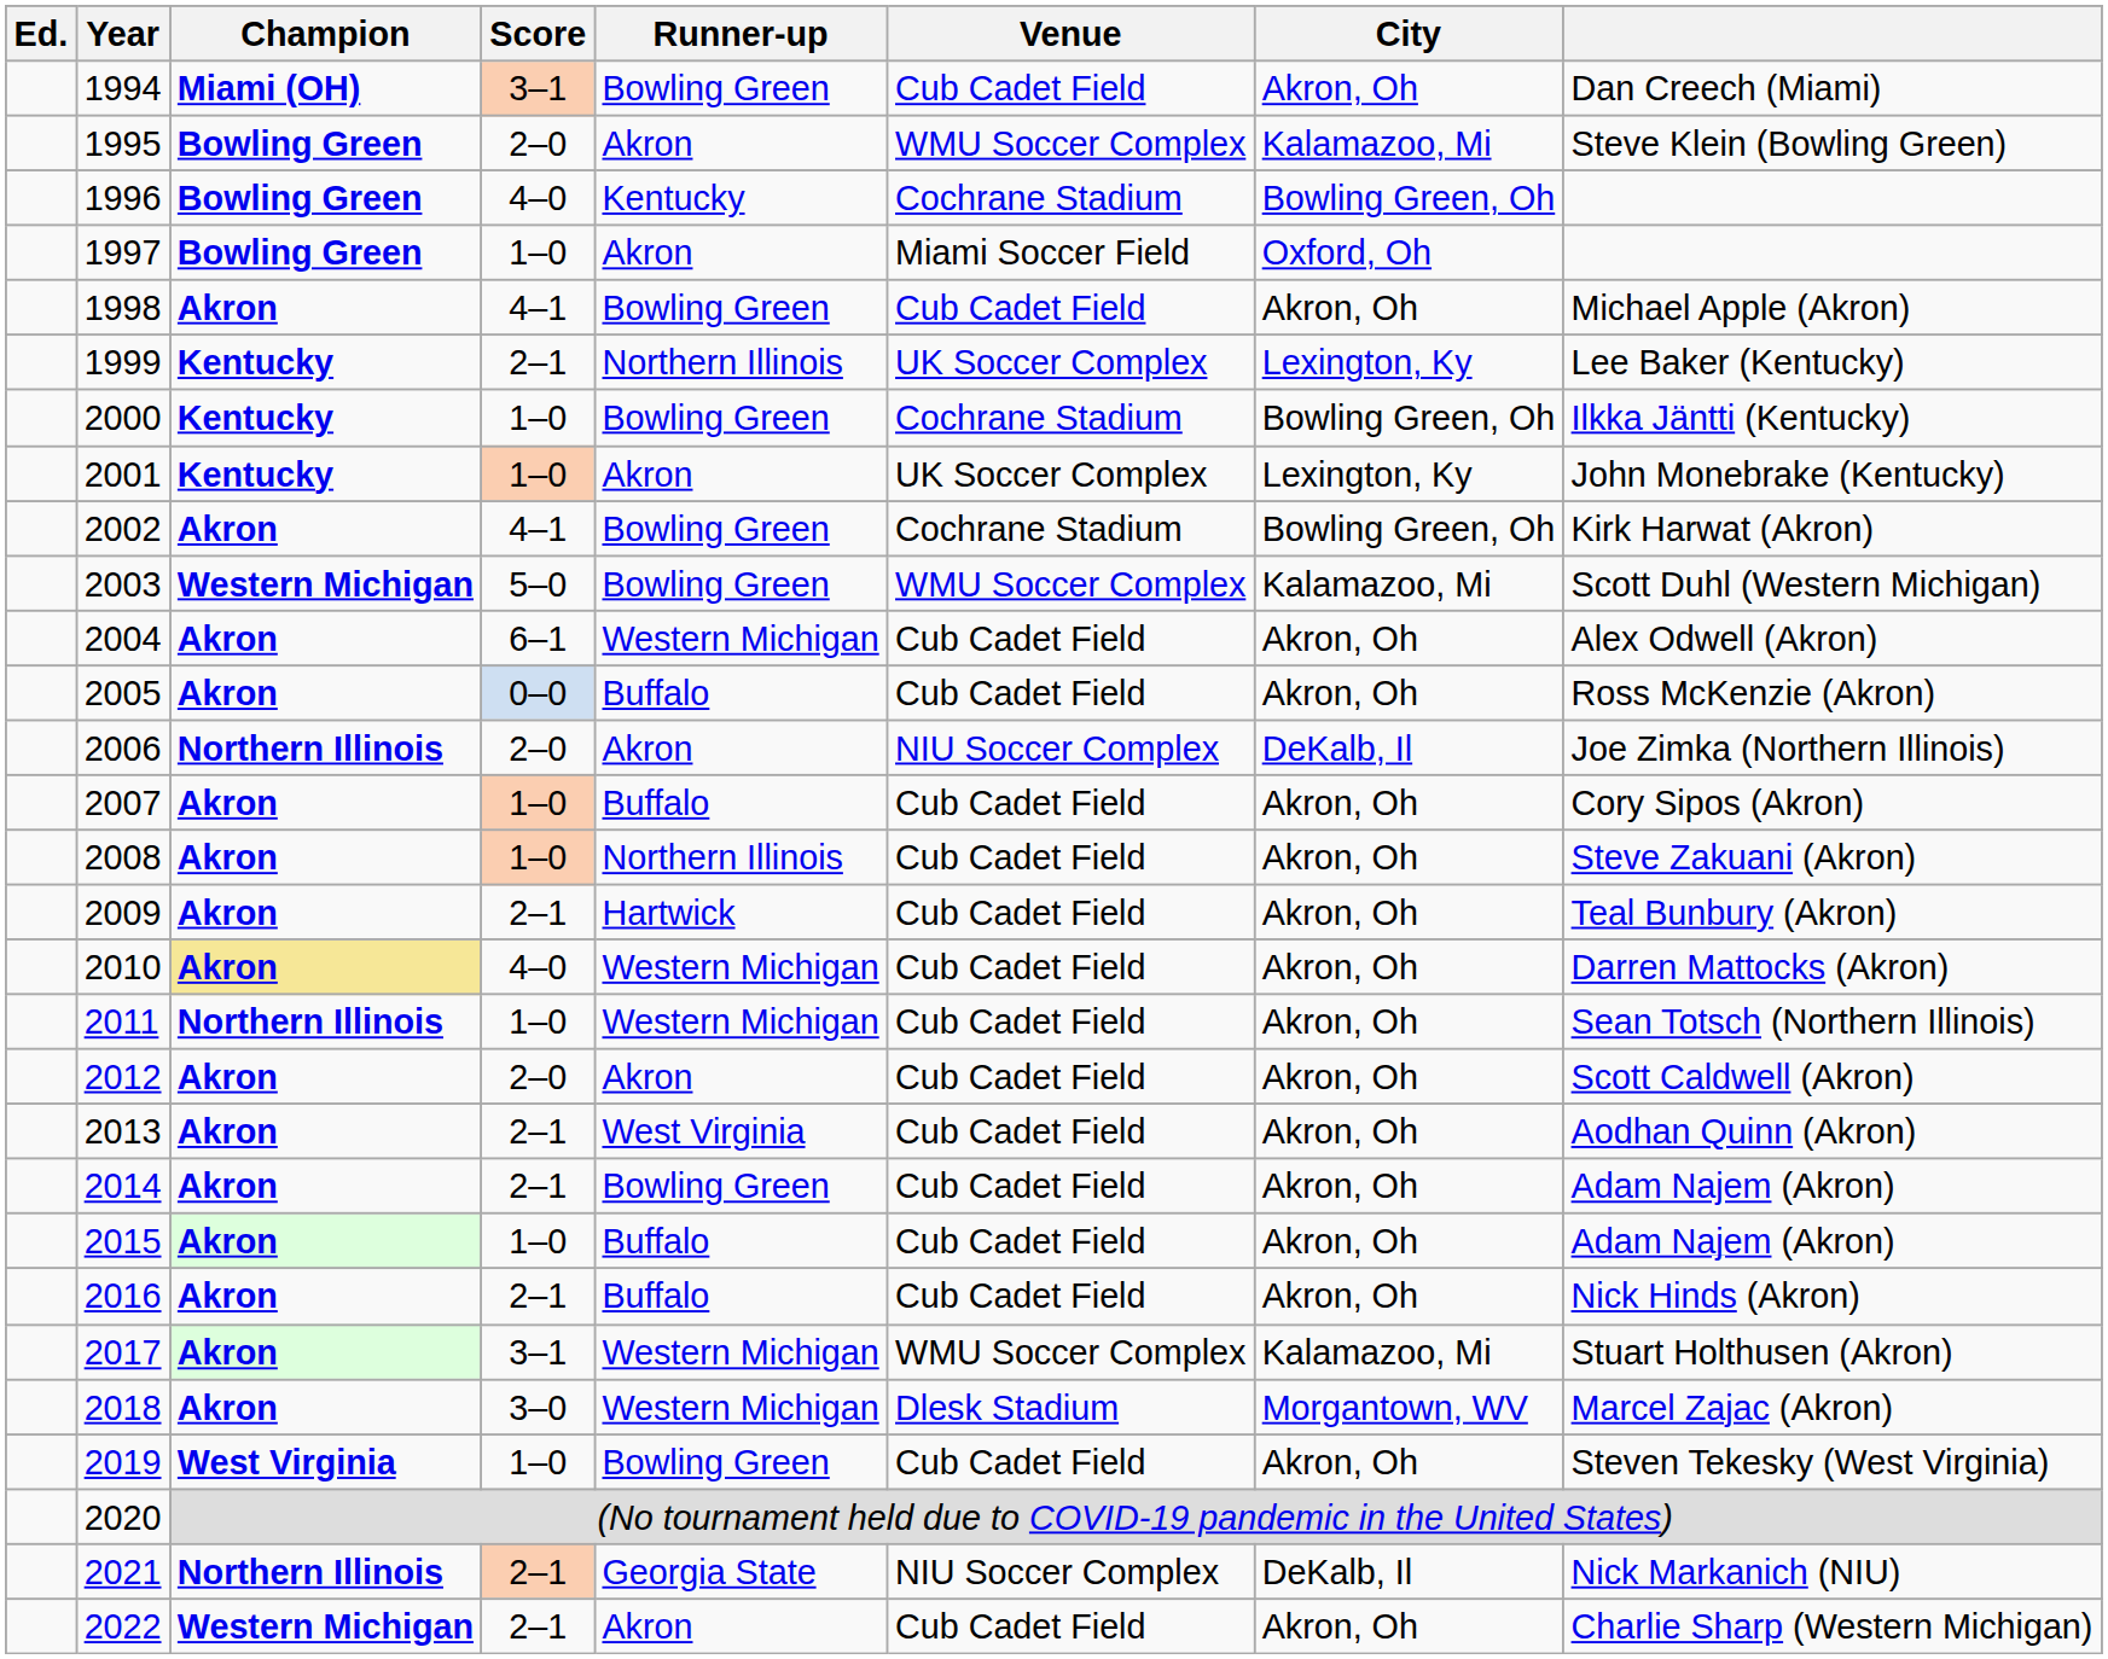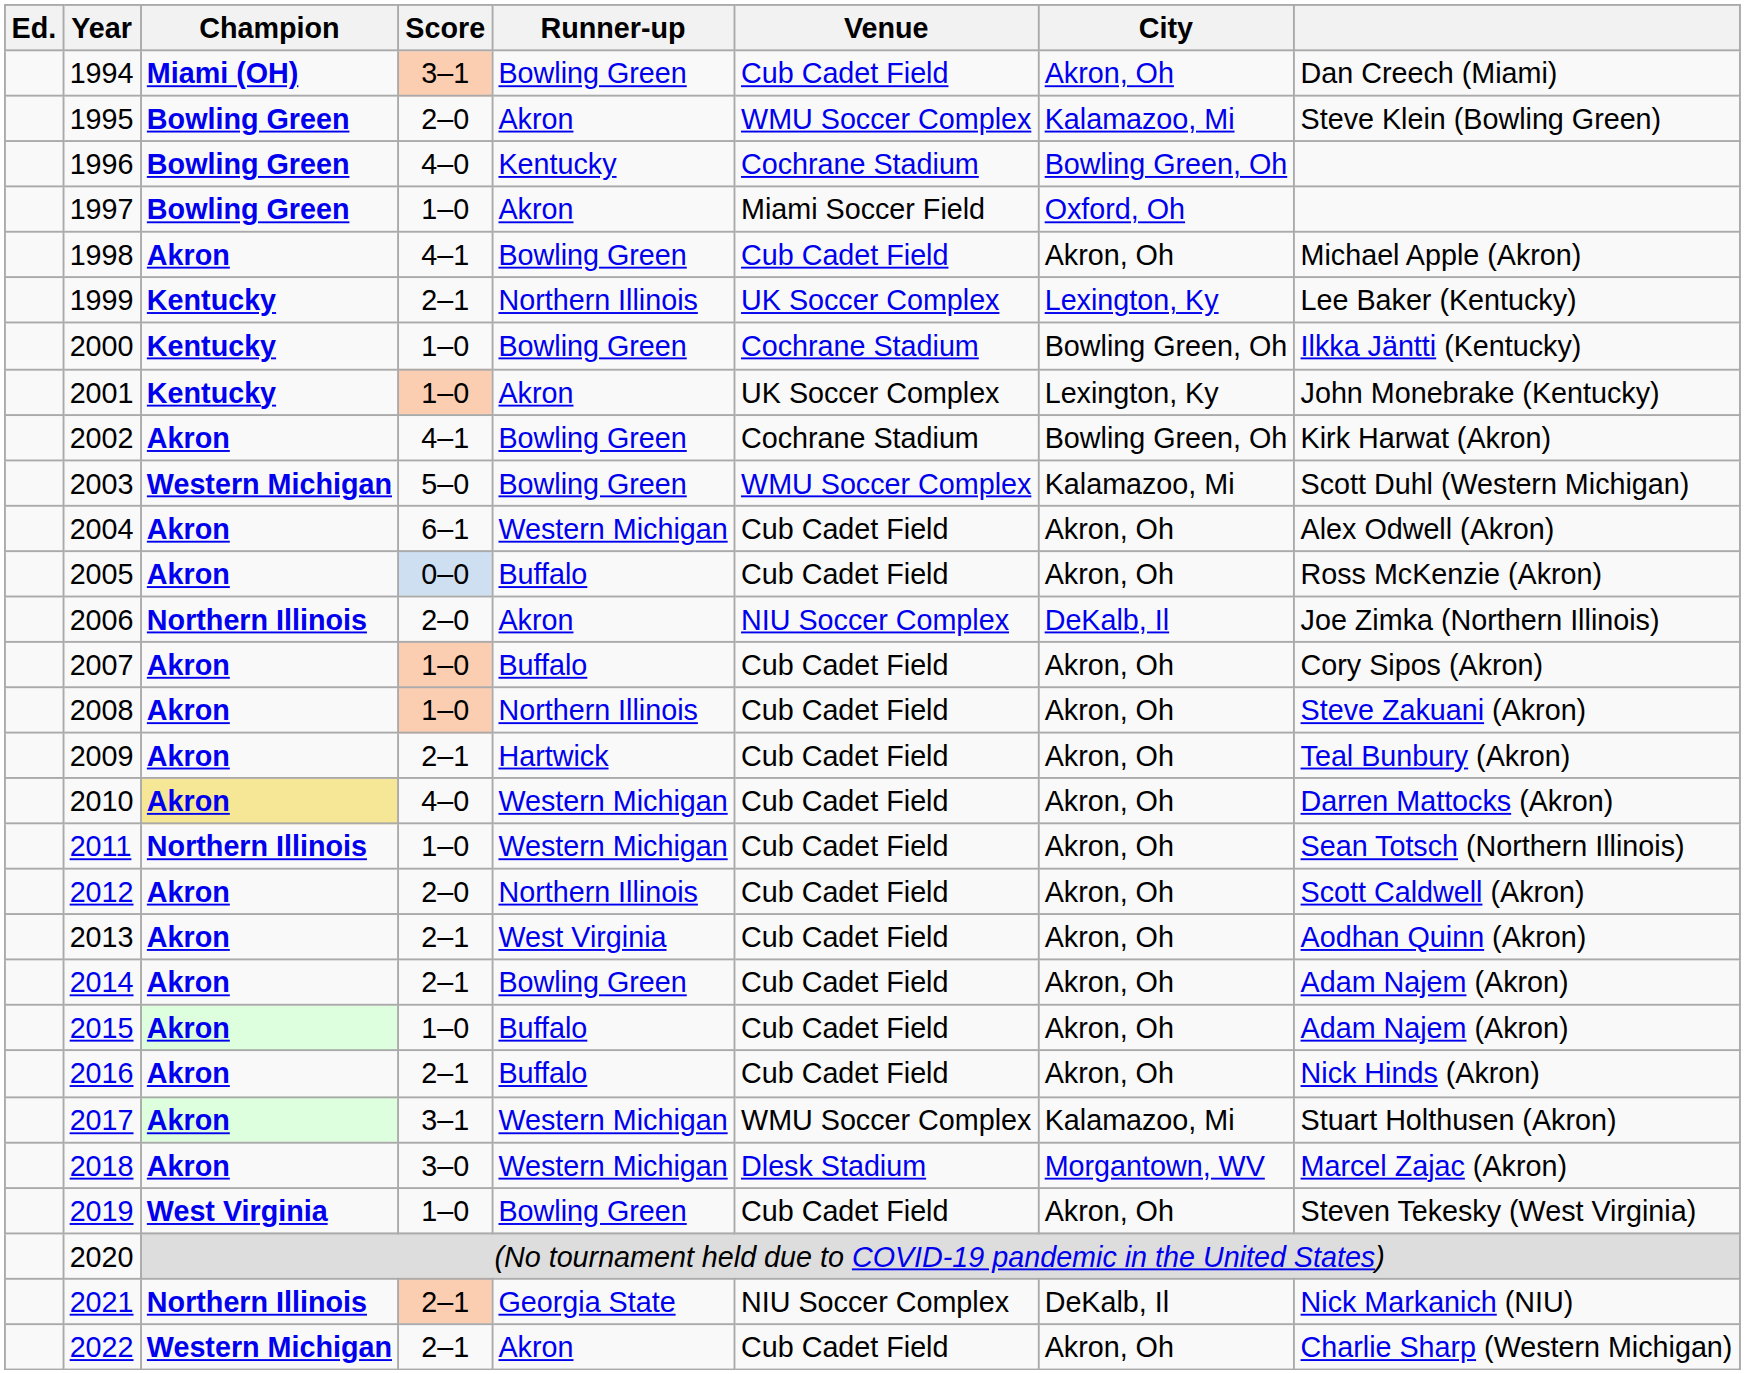 <table class="wikitable sortable"; style= font-size:95%>
 <tr>
 <th width=px>Ed.</th>
 <th width=px>Year</th>
 <th width=px>Champion</th>
 <th width=px>Score</th>
 <th width=px>Runner-up</th>
 <th width=px>Venue</th>
 <th width=px>City</th>
 <th width=px></th>
 </tr>
 <tr>
 <td></td>
 <td>1994</td>
 <td><strong><a href='#'>Miami (OH)</a></strong> </td>
 <td align=center bgcolor="FBCEB1">3–1 </td>
 <td><a href='#'>Bowling Green</a></td>
 <td><a href='#'>Cub Cadet Field</a></td>
 <td><a href='#'>Akron, Oh</a></td>
 <td>Dan Creech (Miami)</td>
 </tr>
 <tr>
 <td></td>
 <td>1995</td>
 <td><strong><a href='#'>Bowling Green</a></strong> </td>
 <td align=center>2–0</td>
 <td><a href='#'>Akron</a></td>
 <td><a href='#'>WMU Soccer Complex</a></td>
 <td><a href='#'>Kalamazoo, Mi</a></td>
 <td>Steve Klein (Bowling Green)</td>
 </tr>
 <tr>
 <td></td>
 <td>1996</td>
 <td><strong><a href='#'>Bowling Green</a></strong> </td>
 <td align=center>4–0</td>
 <td><a href='#'>Kentucky</a></td>
 <td><a href='#'>Cochrane Stadium</a></td>
 <td><a href='#'>Bowling Green, Oh</a></td>
 <td></td>
 </tr>
 <tr>
 <td></td>
 <td>1997</td>
 <td><strong><a href='#'>Bowling Green</a></strong> </td>
 <td align=center>1–0</td>
 <td><a href='#'>Akron</a></td>
 <td>Miami Soccer Field</td>
 <td><a href='#'>Oxford, Oh</a></td>
 <td></td>
 </tr>
 <tr>
 <td></td>
 <td>1998</td>
 <td><strong><a href='#'>Akron</a></strong> </td>
 <td align=center>4–1</td>
 <td><a href='#'>Bowling Green</a></td>
 <td><a href='#'>Cub Cadet Field</a></td>
 <td>Akron, Oh</td>
 <td>Michael Apple (Akron)</td>
 </tr>
 <tr>
 <td></td>
 <td>1999</td>
 <td><strong><a href='#'>Kentucky</a></strong> </td>
 <td align=center>2–1</td>
 <td><a href='#'>Northern Illinois</a></td>
 <td><a href='#'>UK Soccer Complex</a></td>
 <td><a href='#'>Lexington, Ky</a></td>
 <td>Lee Baker (Kentucky)</td>
 </tr>
 <tr>
 <td></td>
 <td>2000</td>
 <td><strong><a href='#'>Kentucky</a></strong> </td>
 <td align=center>1–0</td>
 <td><a href='#'>Bowling Green</a></td>
 <td><a href='#'>Cochrane Stadium</a></td>
 <td>Bowling Green, Oh</td>
 <td><a href='#'>Ilkka Jäntti</a> (Kentucky)</td>
 </tr>
 <tr>
 <td></td>
 <td>2001</td>
 <td><strong><a href='#'>Kentucky</a></strong> </td>
 <td align=center bgcolor="FBCEB1">1–0 </td>
 <td><a href='#'>Akron</a></td>
 <td>UK Soccer Complex</td>
 <td>Lexington, Ky</td>
 <td>John Monebrake (Kentucky)</td>
 </tr>
 <tr>
 <td></td>
 <td>2002</td>
 <td><strong><a href='#'>Akron</a></strong> </td>
 <td align=center>4–1</td>
 <td><a href='#'>Bowling Green</a></td>
 <td>Cochrane Stadium</td>
 <td>Bowling Green, Oh</td>
 <td>Kirk Harwat (Akron)</td>
 </tr>
 <tr>
 <td></td>
 <td>2003</td>
 <td><strong><a href='#'>Western Michigan</a></strong> </td>
 <td align=center>5–0</td>
 <td><a href='#'>Bowling Green</a></td>
 <td><a href='#'>WMU Soccer Complex</a></td>
 <td>Kalamazoo, Mi</td>
 <td>Scott Duhl (Western Michigan)</td>
 </tr>
 <tr>
 <td></td>
 <td>2004</td>
 <td><strong><a href='#'>Akron</a></strong> </td>
 <td align=center>6–1</td>
 <td><a href='#'>Western Michigan</a></td>
 <td>Cub Cadet Field</td>
 <td>Akron, Oh</td>
 <td>Alex Odwell (Akron)</td>
 </tr>
 <tr>
 <td></td>
 <td>2005</td>
 <td><strong><a href='#'>Akron</a></strong> </td>
 <td align=center bgcolor=cedff2>0–0 </td>
 <td><a href='#'>Buffalo</a></td>
 <td>Cub Cadet Field</td>
 <td>Akron, Oh</td>
 <td>Ross McKenzie (Akron)</td>
 </tr>
 <tr>
 <td></td>
 <td>2006</td>
 <td><strong><a href='#'>Northern Illinois</a></strong> </td>
 <td align=center>2–0</td>
 <td><a href='#'>Akron</a></td>
 <td><a href='#'>NIU Soccer Complex</a></td>
 <td><a href='#'>DeKalb, Il</a></td>
 <td>Joe Zimka (Northern Illinois)</td>
 </tr>
 <tr>
 <td></td>
 <td>2007</td>
 <td><strong><a href='#'>Akron</a></strong> </td>
 <td align=center bgcolor="FBCEB1">1–0 </td>
 <td><a href='#'>Buffalo</a></td>
 <td>Cub Cadet Field</td>
 <td>Akron, Oh</td>
 <td>Cory Sipos (Akron)</td>
 </tr>
 <tr>
 <td></td>
 <td>2008</td>
 <td><strong><a href='#'>Akron</a></strong> </td>
 <td align=center bgcolor="FBCEB1">1–0 </td>
 <td><a href='#'>Northern Illinois</a></td>
 <td>Cub Cadet Field</td>
 <td>Akron, Oh</td>
 <td><a href='#'>Steve Zakuani</a> (Akron)</td>
 </tr>
 <tr>
 <td></td>
 <td>2009</td>
 <td><strong><a href='#'>Akron</a></strong> </td>
 <td align=center>2–1</td>
 <td><a href='#'>Hartwick</a></td>
 <td>Cub Cadet Field</td>
 <td>Akron, Oh</td>
 <td><a href='#'>Teal Bunbury</a> (Akron)</td>
 </tr>
 <tr>
 <td></td>
 <td>2010</td>
 <td bgcolor=#F6E797><strong><a href='#'>Akron</a></strong> </td>
 <td align=center>4–0</td>
 <td><a href='#'>Western Michigan</a></td>
 <td>Cub Cadet Field</td>
 <td>Akron, Oh</td>
 <td><a href='#'>Darren Mattocks</a> (Akron)</td>
 </tr>
 <tr>
 <td></td>
 <td><a href='#'>2011</a></td>
 <td><strong><a href='#'>Northern Illinois</a></strong> </td>
 <td align=center>1–0</td>
 <td><a href='#'>Western Michigan</a></td>
 <td>Cub Cadet Field</td>
 <td>Akron, Oh</td>
 <td><a href='#'>Sean Totsch</a> (Northern Illinois)</td>
 </tr>
 <tr>
 <td></td>
 <td><a href='#'>2012</a></td>
 <td><strong><a href='#'>Akron</a></strong> </td>
 <td align=center>2–0</td>
-<td><a href='#'>Akron</a></td>
+<td><a href='#'>Northern Illinois</a></td>
 <td>Cub Cadet Field</td>
 <td>Akron, Oh</td>
 <td><a href='#'>Scott Caldwell</a> (Akron)</td>
 </tr>
 <tr>
 <td></td>
 <td>2013</td>
 <td><strong><a href='#'>Akron</a></strong> </td>
 <td align=center>2–1</td>
 <td><a href='#'>West Virginia</a></td>
 <td>Cub Cadet Field</td>
 <td>Akron, Oh</td>
 <td><a href='#'>Aodhan Quinn</a> (Akron)</td>
 </tr>
 <tr>
 <td></td>
 <td><a href='#'>2014</a></td>
 <td><strong><a href='#'>Akron</a></strong> </td>
 <td align=center>2–1</td>
 <td><a href='#'>Bowling Green</a></td>
 <td>Cub Cadet Field</td>
 <td>Akron, Oh</td>
 <td><a href='#'>Adam Najem</a> (Akron)</td>
 </tr>
 <tr>
 <td></td>
 <td><a href='#'>2015</a></td>
 <td bgcolor="#ddffdd"><strong><a href='#'>Akron</a></strong> </td>
 <td align=center>1–0</td>
 <td><a href='#'>Buffalo</a></td>
 <td>Cub Cadet Field</td>
 <td>Akron, Oh</td>
 <td><a href='#'>Adam Najem</a> (Akron)</td>
 </tr>
 <tr>
 <td></td>
 <td><a href='#'>2016</a></td>
 <td><strong><a href='#'>Akron</a></strong> </td>
 <td align=center>2–1</td>
 <td><a href='#'>Buffalo</a></td>
 <td>Cub Cadet Field</td>
 <td>Akron, Oh</td>
 <td><a href='#'>Nick Hinds</a> (Akron)</td>
 </tr>
 <tr>
 <td></td>
 <td><a href='#'>2017</a></td>
 <td bgcolor="#ddffdd"><strong><a href='#'>Akron</a></strong> </td>
 <td align=center>3–1</td>
 <td><a href='#'>Western Michigan</a></td>
 <td>WMU Soccer Complex</td>
 <td>Kalamazoo, Mi</td>
 <td>Stuart Holthusen (Akron)</td>
 </tr>
 <tr>
 <td></td>
 <td><a href='#'>2018</a></td>
 <td><strong><a href='#'>Akron</a></strong> </td>
 <td align=center>3–0</td>
 <td><a href='#'>Western Michigan</a></td>
 <td><a href='#'>Dlesk Stadium</a></td>
 <td><a href='#'>Morgantown, WV</a></td>
 <td><a href='#'>Marcel Zajac</a> (Akron)</td>
 </tr>
 <tr>
 <td></td>
 <td><a href='#'>2019</a></td>
 <td><strong><a href='#'>West Virginia</a></strong> </td>
 <td align=center>1–0</td>
 <td><a href='#'>Bowling Green</a></td>
 <td>Cub Cadet Field</td>
 <td>Akron, Oh</td>
 <td>Steven Tekesky (West Virginia)</td>
 </tr>
 <tr>
 <td></td>
 <td>2020</td>
 <td colspan=6 style="text-align:center;" bgcolor=#dddddd><em>(No tournament held due to <a href='#'>COVID-19 pandemic in the United States</a>)</em></td>
 </tr>
 <tr>
 <td></td>
 <td><a href='#'>2021</a></td>
 <td><strong><a href='#'>Northern Illinois</a></strong> </td>
 <td align=center bgcolor="FBCEB1">2–1 </td>
 <td><a href='#'>Georgia State</a></td>
 <td>NIU Soccer Complex</td>
 <td>DeKalb, Il</td>
 <td><a href='#'>Nick Markanich</a> (NIU)</td>
 </tr>
 <tr>
 <td></td>
 <td><a href='#'>2022</a></td>
 <td><strong><a href='#'>Western Michigan</a></strong> </td>
 <td align=center>2–1</td>
 <td><a href='#'>Akron</a></td>
 <td>Cub Cadet Field</td>
 <td>Akron, Oh</td>
 <td><a href='#'>Charlie Sharp</a> (Western Michigan)</td>
 </tr>
 </table>
